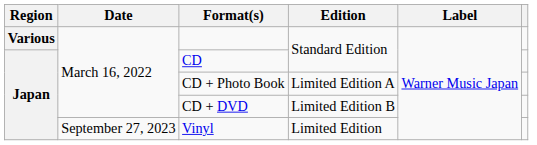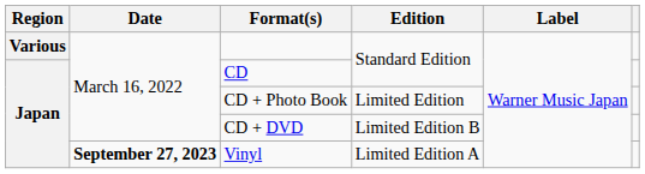 <table class="wikitable plainrowheaders" border="1">
 <tr>
 <th>Region</th>
 <th>Date</th>
 <th>Format(s)</th>
 <th>Edition</th>
 <th>Label</th>
 <th></th>
 </tr>
 <tr>
 <th scope="row">Various</th>
 <td rowspan="4">March 16, 2022</td>
 <td></td>
 <td rowspan="2">Standard Edition</td>
 <td rowspan="5"><a href='#'>Warner Music Japan</a></td>
 <td style="text-align:center;"></td>
 </tr>
 <tr>
 <th scope="row" rowspan="4">Japan</th>
 <td><a href='#'>CD</a></td>
 <td style="text-align:center;"></td>
 </tr>
 <tr>
 <td>CD + Photo Book</td>
-<td>Limited Edition A</td>
+<td>Limited Edition</td>
 <td style="text-align:center;"></td>
 </tr>
 <tr>
 <td>CD + <a href='#'>DVD</a></td>
 <td>Limited Edition B</td>
 <td style="text-align:center;"></td>
 </tr>
 <tr>
-<td>September 27, 2023</td>
+<td><strong>September 27, 2023</strong></td>
 <td><a href='#'>Vinyl</a></td>
-<td>Limited Edition</td>
+<td>Limited Edition A</td>
 <td style="text-align:center;"></td>
 </tr>
 </table>
